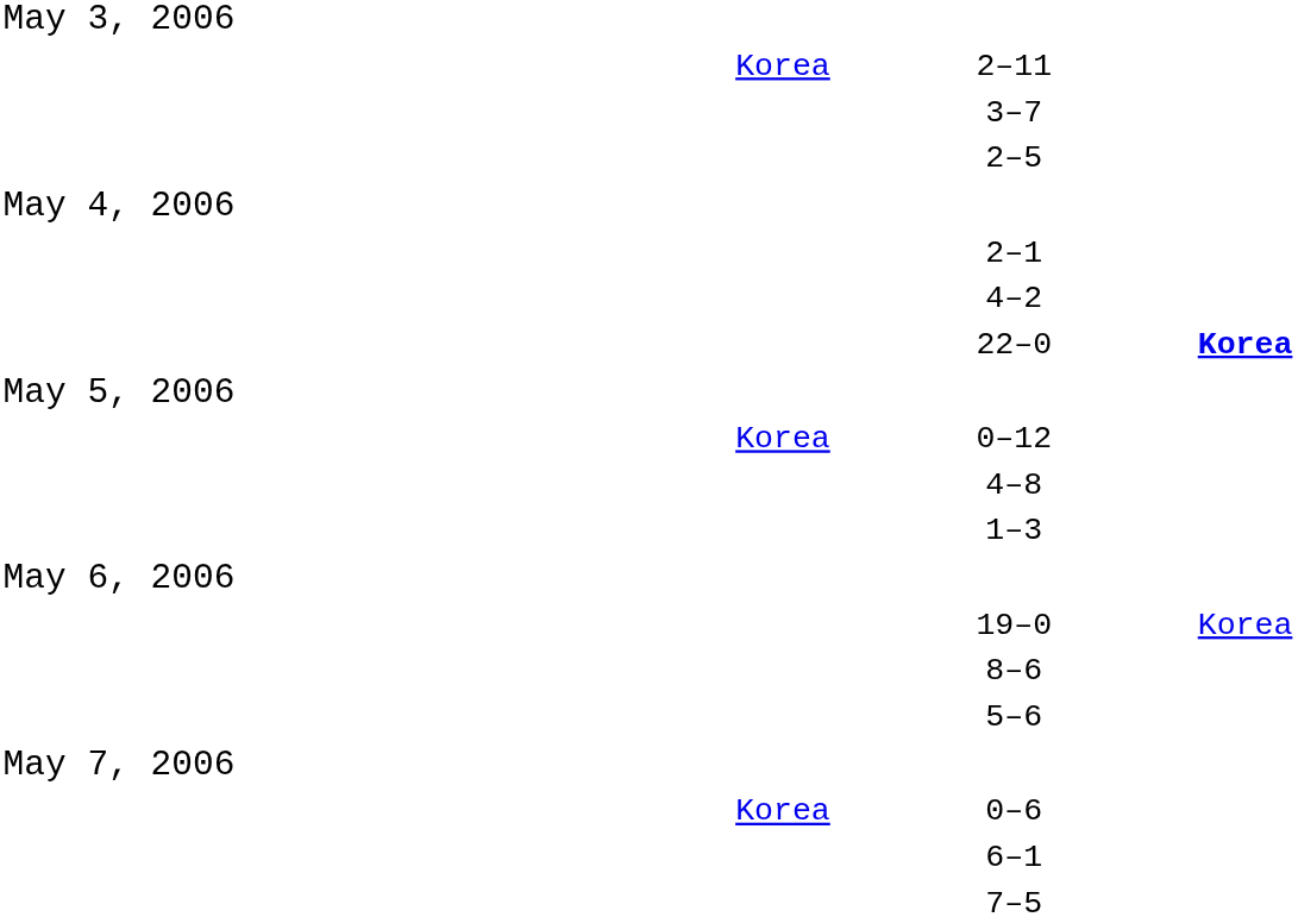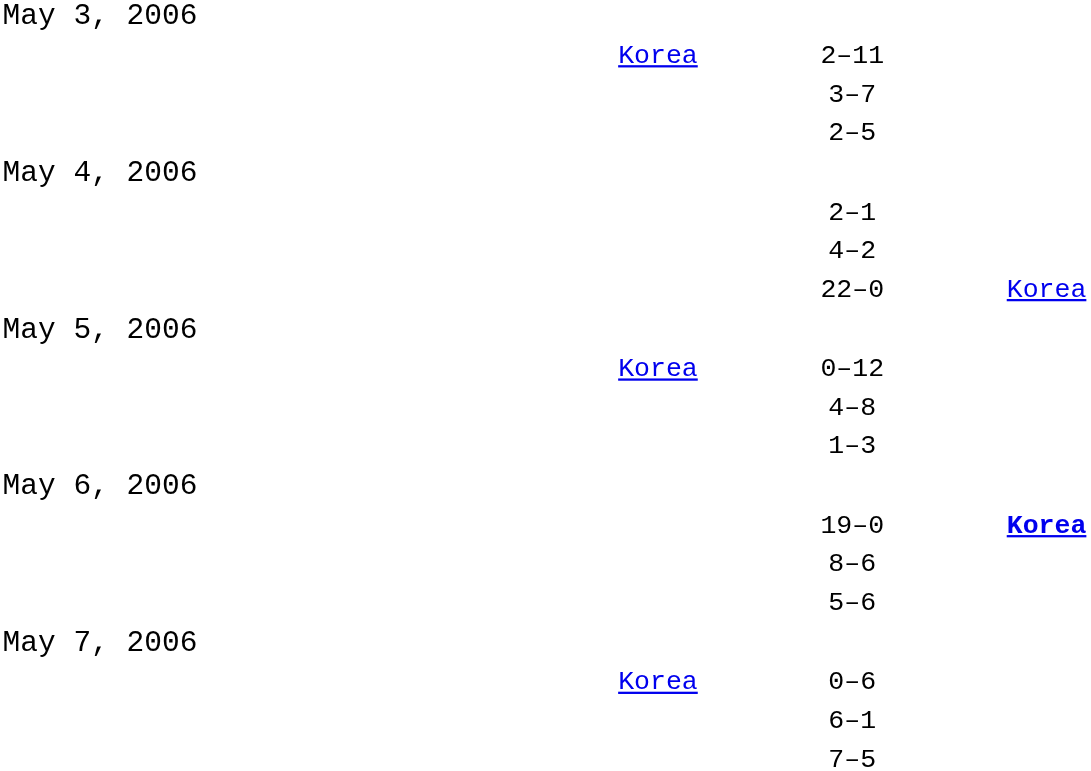 <table style="width:70%;" cellspacing="1">
 <tr>
 <th width=35%></th>
 <th width=15%></th>
 <th></th>
 </tr>
 <tr>
 <td>May 3, 2006</td>
 </tr>
 <tr style=font-size:90%>
 <td align=right><a href='#'>Korea</a> </td>
 <td align=center>2–11</td>
 <td></td>
 </tr>
 <tr style=font-size:90%>
 <td align=right></td>
 <td align=center>3–7</td>
 <td></td>
 </tr>
 <tr style=font-size:90%>
 <td align=right></td>
 <td align=center>2–5</td>
 <td></td>
 </tr>
 <tr>
 <td>May 4, 2006</td>
 </tr>
 <tr style=font-size:90%>
 <td align=right></td>
 <td align=center>2–1</td>
 <td></td>
 </tr>
 <tr style=font-size:90%>
 <td align=right></td>
 <td align=center>4–2</td>
 <td></td>
 </tr>
 <tr style=font-size:90%>
 <td align=right></td>
 <td align=center>22–0</td>
-<td><strong> <a href='#'>Korea</a></strong></td>
+<td> <a href='#'>Korea</a></td>
 </tr>
 <tr>
 <td>May 5, 2006</td>
 </tr>
 <tr style=font-size:90%>
 <td align=right><a href='#'>Korea</a> </td>
 <td align=center>0–12</td>
 <td></td>
 </tr>
 <tr style=font-size:90%>
 <td align=right></td>
 <td align=center>4–8</td>
 <td></td>
 </tr>
 <tr style=font-size:90%>
 <td align=right></td>
 <td align=center>1–3</td>
 <td></td>
 </tr>
 <tr>
 <td>May 6, 2006</td>
 </tr>
 <tr style=font-size:90%>
 <td align=right></td>
 <td align=center>19–0</td>
-<td> <a href='#'>Korea</a></td>
+<td><strong> <a href='#'>Korea</a></strong></td>
 </tr>
 <tr style=font-size:90%>
 <td align=right></td>
 <td align=center>8–6</td>
 <td></td>
 </tr>
 <tr style=font-size:90%>
 <td align=right></td>
 <td align=center>5–6</td>
 <td></td>
 </tr>
 <tr>
 <td>May 7, 2006</td>
 </tr>
 <tr style=font-size:90%>
 <td align=right><a href='#'>Korea</a> </td>
 <td align=center>0–6</td>
 <td></td>
 </tr>
 <tr style=font-size:90%>
 <td align=right></td>
 <td align=center>6–1</td>
 <td></td>
 </tr>
 <tr style=font-size:90%>
 <td align=right></td>
 <td align=center>7–5</td>
 <td></td>
 </tr>
 </table>
